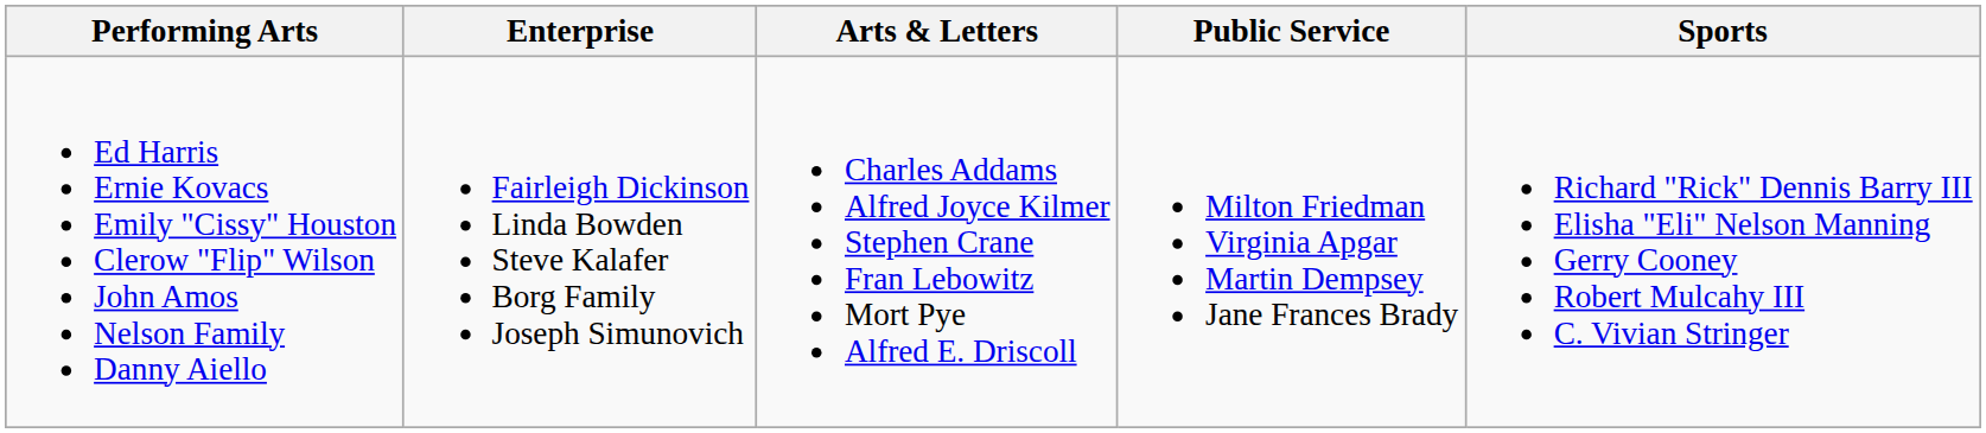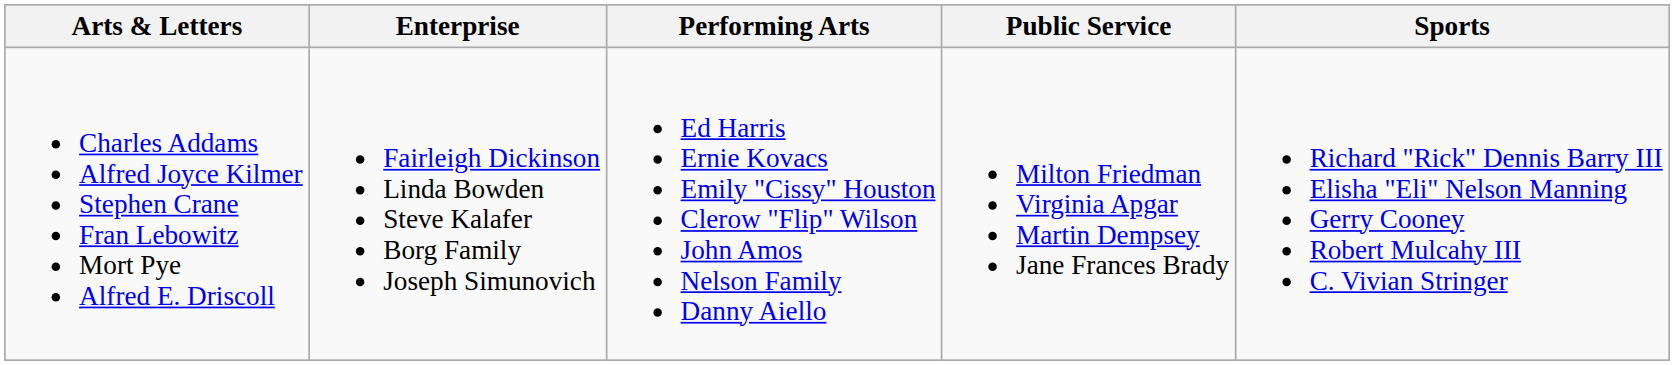 <table class="wikitable">
 <tr>
+<th>Arts & Letters</th>
+<th>Enterprise</th>
 <th>Performing Arts</th>
-<th>Enterprise</th>
-<th>Arts & Letters</th>
 <th>Public Service</th>
 <th>Sports</th>
 </tr>
 <tr>
+<td><br><ul><li><a href='#'>Charles Addams</a></li><li><a href='#'>Alfred Joyce Kilmer</a></li><li><a href='#'>Stephen Crane</a></li><li><a href='#'>Fran Lebowitz</a></li><li>Mort Pye</li><li><a href='#'>Alfred E. Driscoll</a></li></ul></td>
+<td><br><ul><li><a href='#'>Fairleigh Dickinson</a></li><li>Linda Bowden</li><li>Steve Kalafer</li><li>Borg Family</li><li>Joseph Simunovich</li></ul></td>
 <td><br><ul><li><a href='#'>Ed Harris</a></li><li><a href='#'>Ernie Kovacs</a></li><li><a href='#'>Emily "Cissy" Houston</a></li><li><a href='#'>Clerow "Flip" Wilson</a></li><li><a href='#'>John Amos</a></li><li><a href='#'>Nelson Family</a></li><li><a href='#'>Danny Aiello</a></li></ul></td>
-<td><br><ul><li><a href='#'>Fairleigh Dickinson</a></li><li>Linda Bowden</li><li>Steve Kalafer</li><li>Borg Family</li><li>Joseph Simunovich</li></ul></td>
-<td><br><ul><li><a href='#'>Charles Addams</a></li><li><a href='#'>Alfred Joyce Kilmer</a></li><li><a href='#'>Stephen Crane</a></li><li><a href='#'>Fran Lebowitz</a></li><li>Mort Pye</li><li><a href='#'>Alfred E. Driscoll</a></li></ul></td>
 <td><br><ul><li><a href='#'>Milton Friedman</a></li><li><a href='#'>Virginia Apgar</a></li><li><a href='#'>Martin Dempsey</a></li><li>Jane Frances Brady</li></ul></td>
 <td><br><ul><li><a href='#'>Richard "Rick" Dennis Barry III</a></li><li><a href='#'>Elisha "Eli" Nelson Manning</a></li><li><a href='#'>Gerry Cooney</a></li><li><a href='#'>Robert Mulcahy III</a></li><li><a href='#'>C. Vivian Stringer</a></li></ul></td>
 </tr>
 </table>
